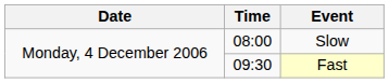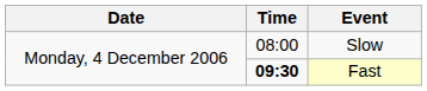 <table class = "wikitable" style="text-align:center;">
 <tr>
 <th width=220>Date</th>
 <th width=50>Time</th>
 <th width=100>Event</th>
 </tr>
 <tr>
 <td rowspan=2>Monday, 4 December 2006</td>
 <td>08:00</td>
 <td>Slow</td>
 </tr>
 <tr>
-<td>09:30</td>
+<td><strong>09:30</strong></td>
 <td bgcolor=ffffcc>Fast</td>
 </tr>
 </table>
